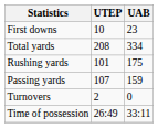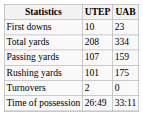 <table class="wikitable">
 <tr>
 <th>Statistics</th>
 <th>UTEP</th>
 <th>UAB</th>
 </tr>
 <tr>
 <td>First downs</td>
 <td>10</td>
 <td>23</td>
 </tr>
 <tr>
 <td>Total yards</td>
 <td>208</td>
 <td>334</td>
 </tr>
 <tr>
+<td>Passing yards</td>
+<td>107</td>
+<td>159</td>
+</tr>
+<tr>
 <td>Rushing yards</td>
 <td>101</td>
 <td>175</td>
-</tr>
-<tr>
-<td>Passing yards</td>
-<td>107</td>
-<td>159</td>
 </tr>
 <tr>
 <td>Turnovers</td>
 <td>2</td>
 <td>0</td>
 </tr>
 <tr>
 <td>Time of possession</td>
 <td>26:49</td>
 <td>33:11</td>
 </tr>
 <tr>
 </tr>
 </table>
